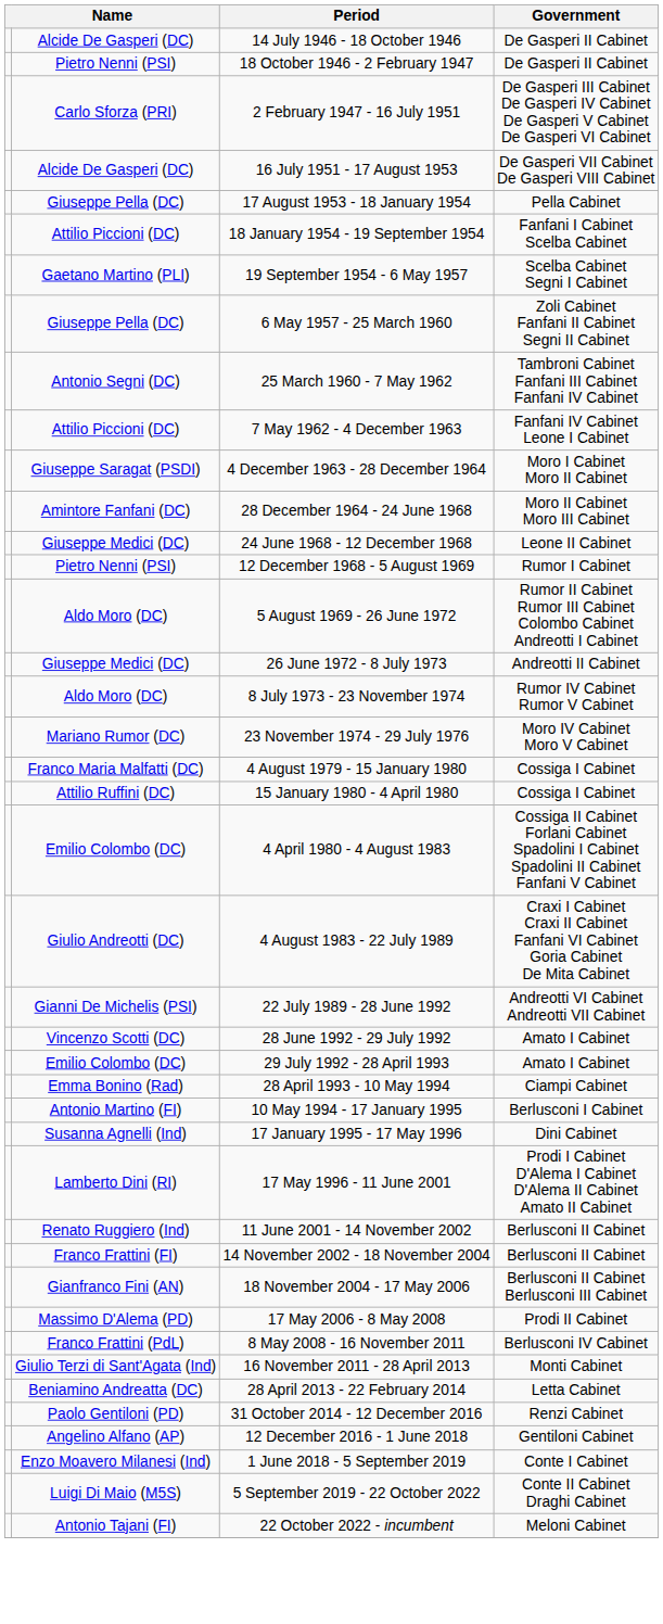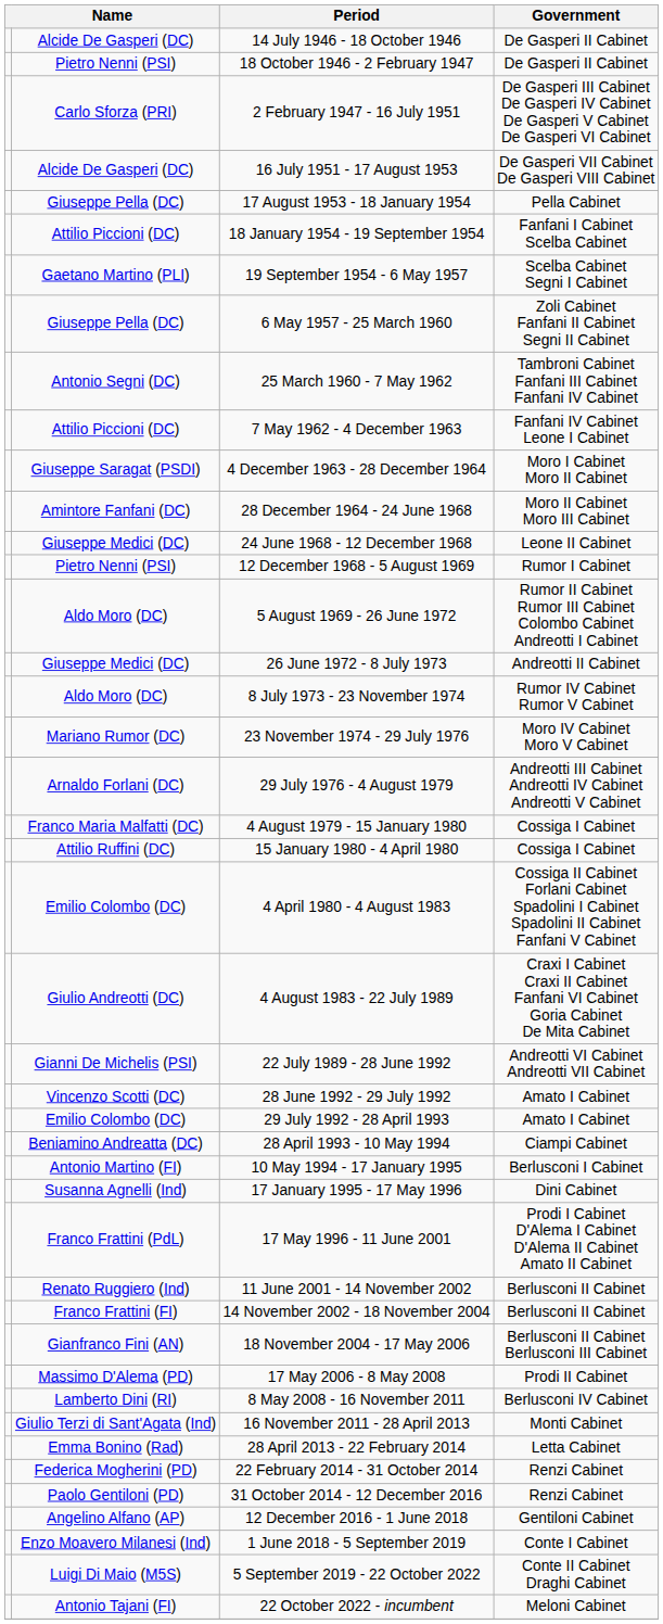 <table class="wikitable" style=text-align:center;">
 <tr>
 <th colspan=2>Name</th>
 <th>Period</th>
 <th>Government</th>
 </tr>
 <tr>
 <td style="background:"></td>
 <td><a href='#'>Alcide De Gasperi</a> (<a href='#'>DC</a>)</td>
 <td>14 July 1946 - 18 October 1946</td>
 <td>De Gasperi II Cabinet</td>
 </tr>
 <tr>
 <td style="background:"></td>
 <td><a href='#'>Pietro Nenni</a> (<a href='#'>PSI</a>)</td>
 <td>18 October 1946 - 2 February 1947</td>
 <td>De Gasperi II Cabinet</td>
 </tr>
 <tr>
 <td style="background:"></td>
 <td><a href='#'>Carlo Sforza</a> (<a href='#'>PRI</a>)</td>
 <td>2 February 1947 - 16 July 1951</td>
 <td>De Gasperi III Cabinet<br>De Gasperi IV Cabinet<br>De Gasperi V Cabinet<br>De Gasperi VI Cabinet</td>
 </tr>
 <tr>
 <td style="background:"></td>
 <td><a href='#'>Alcide De Gasperi</a> (<a href='#'>DC</a>)</td>
 <td>16 July 1951 - 17 August 1953</td>
 <td>De Gasperi VII Cabinet<br>De Gasperi VIII Cabinet</td>
 </tr>
 <tr>
 <td style="background:"></td>
 <td><a href='#'>Giuseppe Pella</a> (<a href='#'>DC</a>)</td>
 <td>17 August 1953 - 18 January 1954</td>
 <td>Pella Cabinet</td>
 </tr>
 <tr>
 <td style="background:"></td>
 <td><a href='#'>Attilio Piccioni</a> (<a href='#'>DC</a>)</td>
 <td>18 January 1954 - 19 September 1954</td>
 <td>Fanfani I Cabinet<br>Scelba Cabinet</td>
 </tr>
 <tr>
 <td style="background:"></td>
 <td><a href='#'>Gaetano Martino</a> (<a href='#'>PLI</a>)</td>
 <td>19 September 1954 - 6 May 1957</td>
 <td>Scelba Cabinet<br>Segni I Cabinet</td>
 </tr>
 <tr>
 <td style="background:"></td>
 <td><a href='#'>Giuseppe Pella</a> (<a href='#'>DC</a>)</td>
 <td>6 May 1957 - 25 March 1960</td>
 <td>Zoli Cabinet<br>Fanfani II Cabinet<br>Segni II Cabinet</td>
 </tr>
 <tr>
 <td style="background:"></td>
 <td><a href='#'>Antonio Segni</a> (<a href='#'>DC</a>)</td>
 <td>25 March 1960 - 7 May 1962</td>
 <td>Tambroni Cabinet<br>Fanfani III Cabinet<br>Fanfani IV Cabinet</td>
 </tr>
 <tr>
 <td style="background:"></td>
 <td><a href='#'>Attilio Piccioni</a> (<a href='#'>DC</a>)</td>
 <td>7 May 1962 - 4 December 1963</td>
 <td>Fanfani IV Cabinet<br>Leone I Cabinet</td>
 </tr>
 <tr>
 <td style="background:"></td>
 <td><a href='#'>Giuseppe Saragat</a> (<a href='#'>PSDI</a>)</td>
 <td>4 December 1963 - 28 December 1964</td>
 <td>Moro I Cabinet<br>Moro II Cabinet</td>
 </tr>
 <tr>
 <td style="background:"></td>
 <td><a href='#'>Amintore Fanfani</a> (<a href='#'>DC</a>)</td>
 <td>28 December 1964 - 24 June 1968</td>
 <td>Moro II Cabinet<br>Moro III Cabinet</td>
 </tr>
 <tr>
 <td style="background:"></td>
 <td><a href='#'>Giuseppe Medici</a> (<a href='#'>DC</a>)</td>
 <td>24 June 1968 - 12 December 1968</td>
 <td>Leone II Cabinet</td>
 </tr>
 <tr>
 <td style="background:"></td>
 <td><a href='#'>Pietro Nenni</a> (<a href='#'>PSI</a>)</td>
 <td>12 December 1968 - 5 August 1969</td>
 <td>Rumor I Cabinet</td>
 </tr>
 <tr>
 <td style="background:"></td>
 <td><a href='#'>Aldo Moro</a> (<a href='#'>DC</a>)</td>
 <td>5 August 1969 - 26 June 1972</td>
 <td>Rumor II Cabinet<br>Rumor III Cabinet<br>Colombo Cabinet<br>Andreotti I Cabinet</td>
 </tr>
 <tr>
 <td style="background:"></td>
 <td><a href='#'>Giuseppe Medici</a> (<a href='#'>DC</a>)</td>
 <td>26 June 1972 - 8 July 1973</td>
 <td>Andreotti II Cabinet</td>
 </tr>
 <tr>
 <td style="background:"></td>
 <td><a href='#'>Aldo Moro</a> (<a href='#'>DC</a>)</td>
 <td>8 July 1973 - 23 November 1974</td>
 <td>Rumor IV Cabinet<br>Rumor V Cabinet</td>
 </tr>
 <tr>
 <td style="background:"></td>
 <td><a href='#'>Mariano Rumor</a> (<a href='#'>DC</a>)</td>
 <td>23 November 1974 - 29 July 1976</td>
 <td>Moro IV Cabinet<br>Moro V Cabinet</td>
 </tr>
 <tr>
 <td style="background:"></td>
+<td><a href='#'>Arnaldo Forlani</a> (<a href='#'>DC</a>)</td>
+<td>29 July 1976 - 4 August 1979</td>
+<td>Andreotti III Cabinet<br>Andreotti IV Cabinet<br>Andreotti V Cabinet</td>
+</tr>
+<tr>
+<td style="background:"></td>
 <td><a href='#'>Franco Maria Malfatti</a> (<a href='#'>DC</a>)</td>
 <td>4 August 1979 - 15 January 1980</td>
 <td>Cossiga I Cabinet</td>
 </tr>
 <tr>
 <td style="background:"></td>
 <td><a href='#'>Attilio Ruffini</a> (<a href='#'>DC</a>)</td>
 <td>15 January 1980 - 4 April 1980</td>
 <td>Cossiga I Cabinet</td>
 </tr>
 <tr>
 <td style="background:"></td>
 <td><a href='#'>Emilio Colombo</a> (<a href='#'>DC</a>)</td>
 <td>4 April 1980 - 4 August 1983</td>
 <td>Cossiga II Cabinet<br>Forlani Cabinet<br>Spadolini I Cabinet<br>Spadolini II Cabinet<br>Fanfani V Cabinet</td>
 </tr>
 <tr>
 <td style="background:"></td>
 <td><a href='#'>Giulio Andreotti</a> (<a href='#'>DC</a>)</td>
 <td>4 August 1983 - 22 July 1989</td>
 <td>Craxi I Cabinet<br>Craxi II Cabinet<br>Fanfani VI Cabinet<br>Goria Cabinet<br>De Mita Cabinet</td>
 </tr>
 <tr>
 <td style="background:"></td>
 <td><a href='#'>Gianni De Michelis</a> (<a href='#'>PSI</a>)</td>
 <td>22 July 1989 - 28 June 1992</td>
 <td>Andreotti VI Cabinet<br>Andreotti VII Cabinet</td>
 </tr>
 <tr>
 <td style="background:"></td>
 <td><a href='#'>Vincenzo Scotti</a> (<a href='#'>DC</a>)</td>
 <td>28 June 1992 - 29 July 1992</td>
 <td>Amato I Cabinet</td>
 </tr>
 <tr>
 <td style="background:"></td>
 <td><a href='#'>Emilio Colombo</a> (<a href='#'>DC</a>)</td>
 <td>29 July 1992 - 28 April 1993</td>
 <td>Amato I Cabinet</td>
 </tr>
 <tr>
 <td style="background:"></td>
-<td><a href='#'>Emma Bonino</a> (<a href='#'>Rad</a>)</td>
+<td><a href='#'>Beniamino Andreatta</a> (<a href='#'>DC</a>)</td>
 <td>28 April 1993 - 10 May 1994</td>
 <td>Ciampi Cabinet</td>
 </tr>
 <tr>
 <td style="background:"></td>
 <td><a href='#'>Antonio Martino</a> (<a href='#'>FI</a>)</td>
 <td>10 May 1994 - 17 January 1995</td>
 <td>Berlusconi I Cabinet</td>
 </tr>
 <tr>
 <td style="background:"></td>
 <td><a href='#'>Susanna Agnelli</a> (<a href='#'>Ind</a>)</td>
 <td>17 January 1995 - 17 May 1996</td>
 <td>Dini Cabinet</td>
 </tr>
 <tr>
 <td style="background:"></td>
-<td><a href='#'>Lamberto Dini</a> (<a href='#'>RI</a>)</td>
+<td><a href='#'>Franco Frattini</a> (<a href='#'>PdL</a>)</td>
 <td>17 May 1996 - 11 June 2001</td>
 <td>Prodi I Cabinet<br>D'Alema I Cabinet<br>D'Alema II Cabinet<br>Amato II Cabinet</td>
 </tr>
 <tr>
 <td style="background:"></td>
 <td><a href='#'>Renato Ruggiero</a> (<a href='#'>Ind</a>)</td>
 <td>11 June 2001 - 14 November 2002</td>
 <td>Berlusconi II Cabinet</td>
 </tr>
 <tr>
 <td style="background:"></td>
 <td><a href='#'>Franco Frattini</a> (<a href='#'>FI</a>)</td>
 <td>14 November 2002 - 18 November 2004</td>
 <td>Berlusconi II Cabinet</td>
 </tr>
 <tr>
 <td style="background:"></td>
 <td><a href='#'>Gianfranco Fini</a> (<a href='#'>AN</a>)</td>
 <td>18 November 2004 - 17 May 2006</td>
 <td>Berlusconi II Cabinet<br>Berlusconi III Cabinet</td>
 </tr>
 <tr>
 <td style="background:"></td>
 <td><a href='#'>Massimo D'Alema</a> (<a href='#'>PD</a>)</td>
 <td>17 May 2006 - 8 May 2008</td>
 <td>Prodi II Cabinet</td>
 </tr>
 <tr>
 <td style="background:"></td>
-<td><a href='#'>Franco Frattini</a> (<a href='#'>PdL</a>)</td>
+<td><a href='#'>Lamberto Dini</a> (<a href='#'>RI</a>)</td>
 <td>8 May 2008 - 16 November 2011</td>
 <td>Berlusconi IV Cabinet</td>
 </tr>
 <tr>
 <td style="background:"></td>
 <td><a href='#'>Giulio Terzi di Sant'Agata</a> (<a href='#'>Ind</a>)</td>
 <td>16 November 2011 - 28 April 2013</td>
 <td>Monti Cabinet</td>
 </tr>
 <tr>
 <td style="background:"></td>
-<td><a href='#'>Beniamino Andreatta</a> (<a href='#'>DC</a>)</td>
+<td><a href='#'>Emma Bonino</a> (<a href='#'>Rad</a>)</td>
 <td>28 April 2013 - 22 February 2014</td>
 <td>Letta Cabinet</td>
+</tr>
+<tr>
+<td style="background:"></td>
+<td><a href='#'>Federica Mogherini</a> (<a href='#'>PD</a>)</td>
+<td>22 February 2014 - 31 October 2014</td>
+<td>Renzi Cabinet</td>
 </tr>
 <tr>
 <td style="background:"></td>
 <td><a href='#'>Paolo Gentiloni</a> (<a href='#'>PD</a>)</td>
 <td>31 October 2014 - 12 December 2016</td>
 <td>Renzi Cabinet</td>
 </tr>
 <tr>
 <td style="background:"></td>
 <td><a href='#'>Angelino Alfano</a> (<a href='#'>AP</a>)</td>
 <td>12 December 2016 - 1 June 2018</td>
 <td>Gentiloni Cabinet</td>
 </tr>
 <tr>
 <td style="background:"></td>
 <td><a href='#'>Enzo Moavero Milanesi</a> (<a href='#'>Ind</a>)</td>
 <td>1 June 2018 - 5 September 2019</td>
 <td>Conte I Cabinet</td>
 </tr>
 <tr>
 <td style="background:"></td>
 <td><a href='#'>Luigi Di Maio</a> (<a href='#'>M5S</a>)</td>
 <td>5 September 2019  - 22 October 2022</td>
 <td>Conte II Cabinet <br> Draghi Cabinet</td>
 </tr>
 <tr>
 <td style="background:"></td>
 <td><a href='#'>Antonio Tajani</a> (<a href='#'>FI</a>)</td>
 <td>22 October 2022 - <em>incumbent</em></td>
 <td>Meloni Cabinet</td>
 </tr>
 <tr>
 </tr>
 </table>
